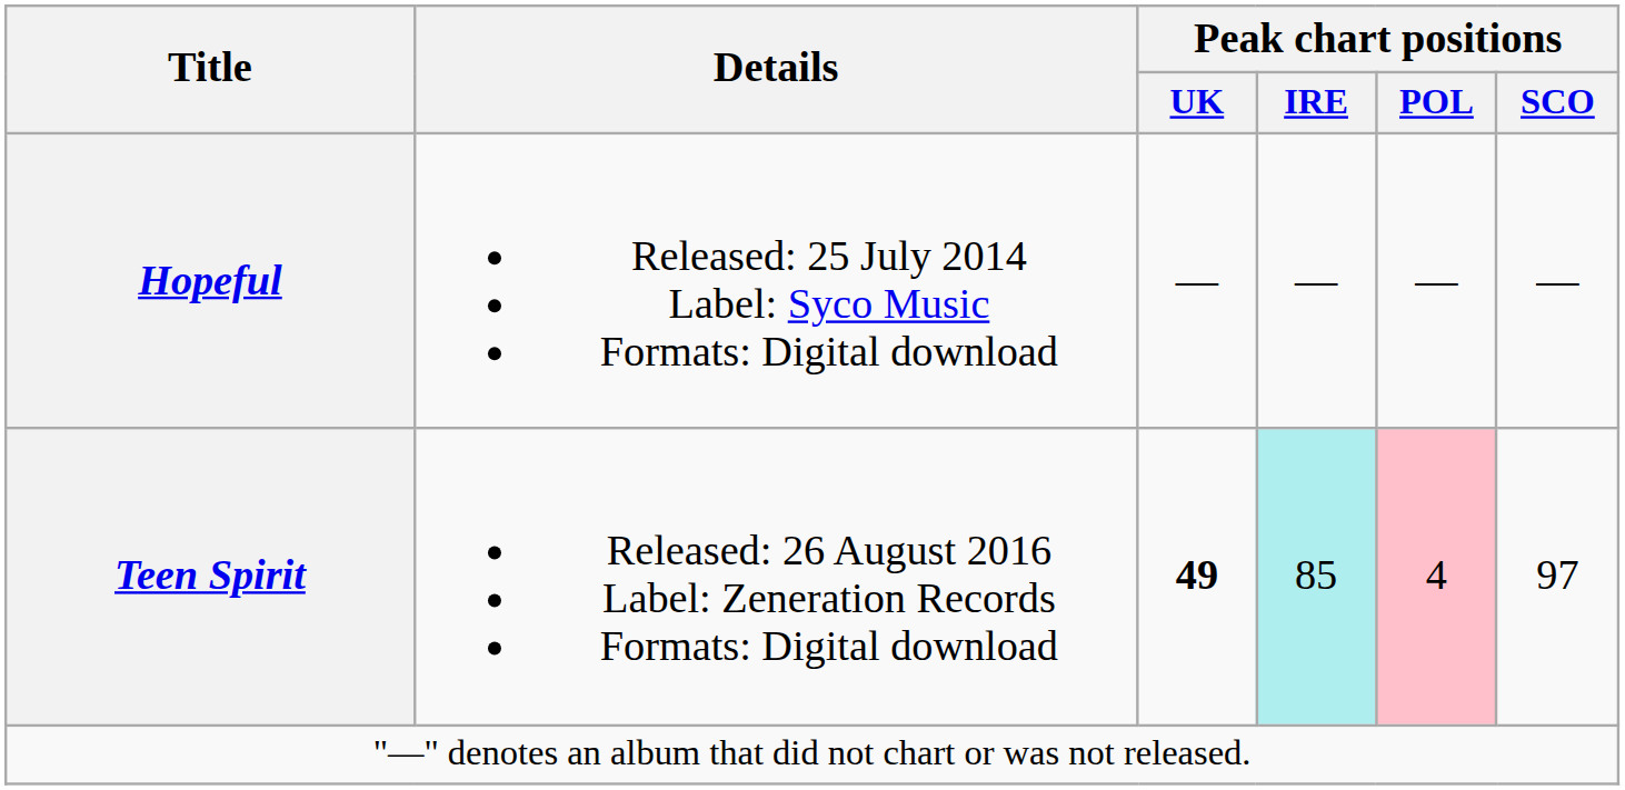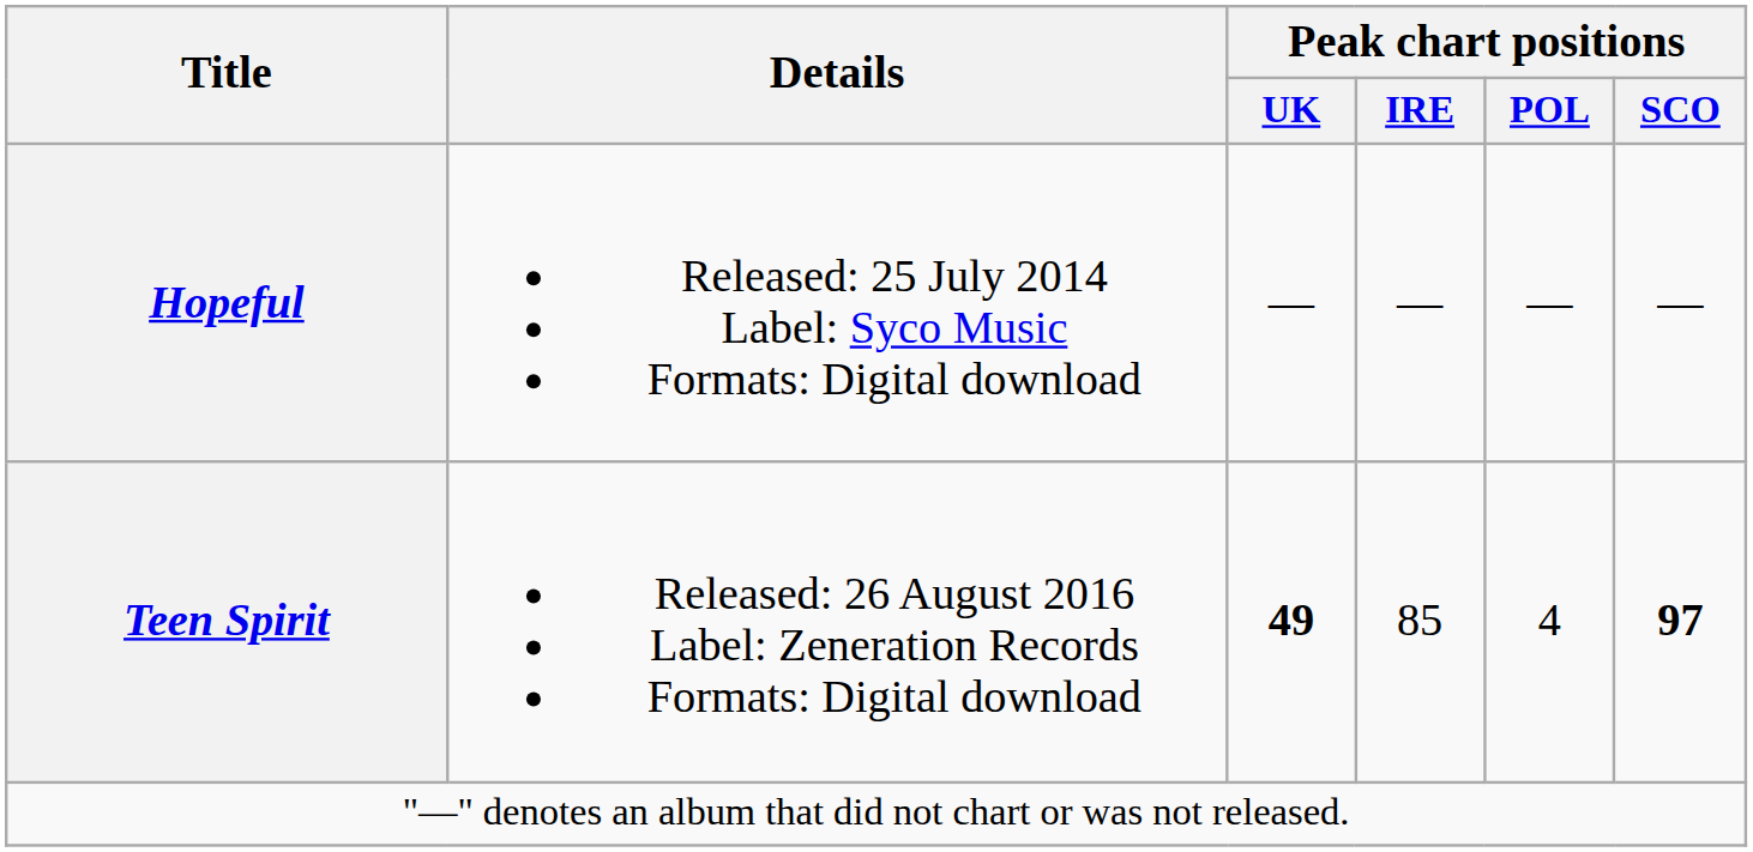 <table class="wikitable plainrowheaders" style="text-align:center;">
 <tr>
 <th scope="col" rowspan="2" style="width:10em;">Title</th>
 <th scope="col" rowspan="2" style="width:18em;">Details</th>
 <th scope="col" colspan="4">Peak chart positions</th>
 </tr>
 <tr>
 <th scope="col" style="width:3em;font-size:85%;"><a href='#'>UK</a><br></th>
 <th scope="col" style="width:3em;font-size:85%;"><a href='#'>IRE</a><br></th>
 <th scope="col" style="width:3em;font-size:85%;"><a href='#'>POL</a><br></th>
 <th scope="col" style="width:3em;font-size:85%;"><a href='#'>SCO</a><br></th>
 </tr>
 <tr>
 <th scope="row"><em><a href='#'>Hopeful</a></em></th>
 <td><br><ul><li>Released: 25 July 2014</li><li>Label: <a href='#'>Syco Music</a></li><li>Formats: Digital download</li></ul></td>
 <td>—</td>
 <td>—</td>
 <td>—</td>
 <td>—</td>
 </tr>
 <tr>
 <th scope="row"><em><a href='#'>Teen Spirit</a></em></th>
 <td><br><ul><li>Released: 26 August 2016</li><li>Label: Zeneration Records</li><li>Formats: Digital download</li></ul></td>
 <td><strong>49</strong></td>
-<td style="background: paleturquoise;">85</td>
-<td style="background: pink;">4</td>
-<td>97</td>
+<td>85</td>
+<td>4</td>
+<td><strong>97</strong></td>
 </tr>
 <tr>
 <td colspan="20" style="font-size:85%">"—" denotes an album that did not chart or was not released.</td>
 </tr>
 </table>
